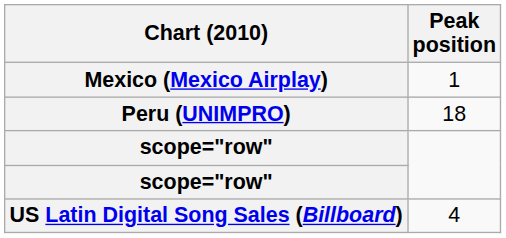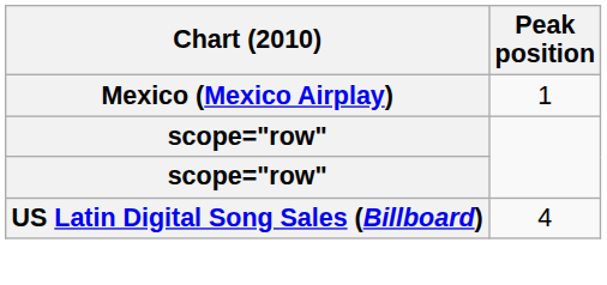 <table class="wikitable sortable plainrowheaders">
 <tr>
 <th scope="col">Chart (2010)</th>
 <th scope="col">Peak<br>position</th>
 </tr>
 <tr>
 <th scope="row">Mexico (<a href='#'>Mexico Airplay</a>)</th>
 <td align="center">1</td>
-</tr>
-<tr>
-<th scope="row">Peru (<a href='#'>UNIMPRO</a>)</th>
-<td style="text-align:center;">18</td>
 </tr>
 <tr>
 <th>scope="row"</th>
 </tr>
 <tr>
 <th>scope="row"</th>
 </tr>
 <tr>
 <th scope="row">US <a href='#'>Latin Digital Song Sales</a> (<em><a href='#'>Billboard</a></em>)</th>
 <td align="center">4</td>
 </tr>
 </table>
